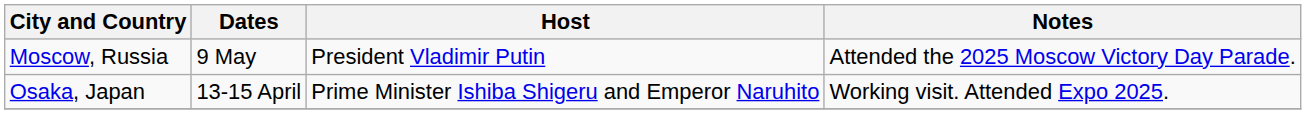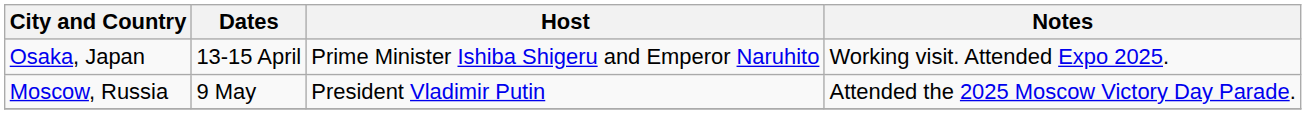 <table class="wikitable mw-collapsible" cellpadding="0" cellspacing="0">
 <tr>
 <th scope="col">City and Country</th>
 <th align="center" scope="col">Dates</th>
 <th align="center" scope="col">Host</th>
 <th align="center" scope="col">Notes</th>
 </tr>
 <tr>
+<td scope="row"><a href='#'>Osaka</a>, Japan</td>
+<td>13-15 April</td>
+<td>Prime Minister <a href='#'>Ishiba Shigeru</a> and Emperor <a href='#'>Naruhito</a></td>
+<td>Working visit. Attended <a href='#'>Expo 2025</a>.</td>
+</tr>
+<tr>
 <td scope="row"><a href='#'>Moscow</a>, Russia</td>
 <td>9 May</td>
 <td>President <a href='#'>Vladimir Putin</a></td>
 <td>Attended the <a href='#'>2025 Moscow Victory Day Parade</a>.</td>
 </tr>
 <tr>
-<td scope="row"><a href='#'>Osaka</a>, Japan</td>
-<td>13-15 April</td>
-<td>Prime Minister <a href='#'>Ishiba Shigeru</a> and Emperor <a href='#'>Naruhito</a></td>
-<td>Working visit. Attended <a href='#'>Expo 2025</a>.</td>
-</tr>
-<tr>
 </tr>
 </table>
